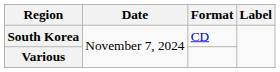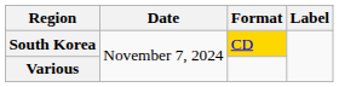 <table class="wikitable plainrowheaders">
 <tr>
 <th scope="col">Region</th>
 <th scope="col">Date</th>
 <th scope="col">Format</th>
 <th scope="col">Label</th>
 </tr>
 <tr>
 <th scope="row">South Korea</th>
 <td rowspan="2">November 7, 2024</td>
-<td><a href='#'>CD</a></td>
+<td style="background: gold;"><a href='#'>CD</a></td>
 <td rowspan="2"></td>
 </tr>
 <tr>
 <th scope="row">Various </th>
 <td></td>
 </tr>
 </table>
